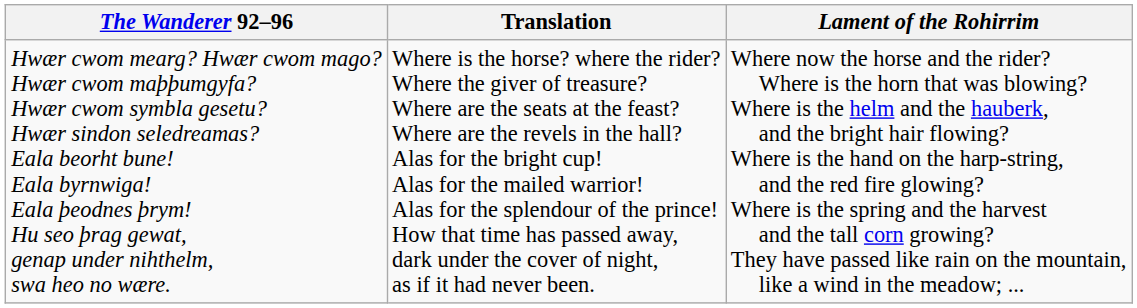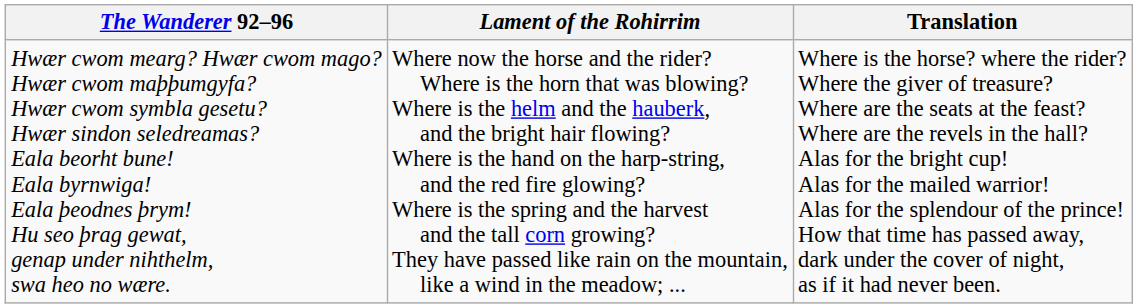 <table class="wikitable" style="margin:1em auto;">
 <tr>
 <th><em><a href='#'>The Wanderer</a></em> 92–96</th>
+<th><em>Lament of the Rohirrim</em></th>
 <th>Translation</th>
-<th><em>Lament of the Rohirrim</em></th>
 </tr>
 <tr>
 <td><em>Hwær cwom mearg? Hwær cwom mago?<br>Hwær cwom maþþumgyfa?<br>Hwær cwom symbla gesetu?	<br>Hwær sindon seledreamas?<br>Eala beorht bune!<br>Eala byrnwiga!<br>Eala þeodnes þrym!<br>Hu seo þrag gewat,<br>genap under nihthelm,<br>swa heo no wære.</em><br></td>
+<td>Where now the horse and the rider?<br>     Where is the horn that was blowing?<br>Where is the <a href='#'>helm</a> and the <a href='#'>hauberk</a>,<br>     and the bright hair flowing?<br>Where is the hand on the harp-string,<br>     and the red fire glowing?<br>Where is the spring and the harvest<br>     and the tall <a href='#'>corn</a> growing?<br>They have passed like rain on the mountain,<br>     like a wind in the meadow; ...</td>
 <td>Where is the horse? where the rider?<br>Where the giver of treasure?<br>Where are the seats at the feast?<br>Where are the revels in the hall?<br>Alas for the bright cup!<br>Alas for the mailed warrior!<br>Alas for the splendour of the prince!<br>How that time has passed away,<br>dark under the cover of night,<br>as if it had never been.<br></td>
-<td>Where now the horse and the rider?<br>     Where is the horn that was blowing?<br>Where is the <a href='#'>helm</a> and the <a href='#'>hauberk</a>,<br>     and the bright hair flowing?<br>Where is the hand on the harp-string,<br>     and the red fire glowing?<br>Where is the spring and the harvest<br>     and the tall <a href='#'>corn</a> growing?<br>They have passed like rain on the mountain,<br>     like a wind in the meadow; ...</td>
 </tr>
 </table>
